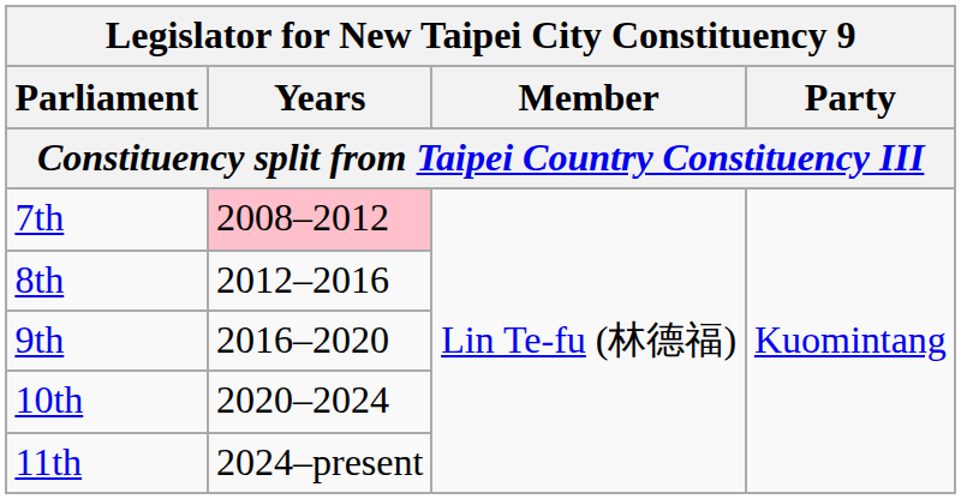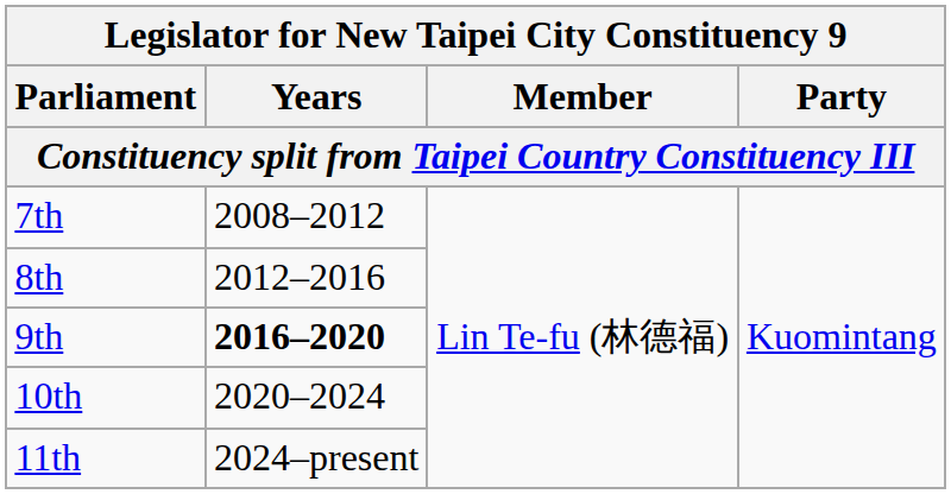 <table class=wikitable>
 <tr>
 <th colspan="4">Legislator for New Taipei City Constituency 9</th>
 </tr>
 <tr>
 <th>Parliament</th>
 <th>Years</th>
 <th>Member</th>
 <th>Party</th>
 </tr>
 <tr>
 <th colspan=4 align=center><em>Constituency split from <a href='#'>Taipei Country Constituency III</a> </em></th>
 </tr>
 <tr>
 <td><a href='#'>7th</a></td>
-<td style="background: pink;">2008–2012</td>
+<td>2008–2012</td>
 <td rowspan=5><a href='#'>Lin Te-fu</a> (林德福)</td>
 <td rowspan=5><a href='#'>Kuomintang</a></td>
 </tr>
 <tr>
 <td><a href='#'>8th</a></td>
 <td>2012–2016</td>
 </tr>
 <tr>
 <td><a href='#'>9th</a></td>
-<td>2016–2020</td>
+<td><strong>2016–2020</strong></td>
 </tr>
 <tr>
 <td><a href='#'>10th</a></td>
 <td>2020–2024</td>
 </tr>
 <tr>
 <td><a href='#'>11th</a></td>
 <td>2024–present</td>
 </tr>
 </table>
